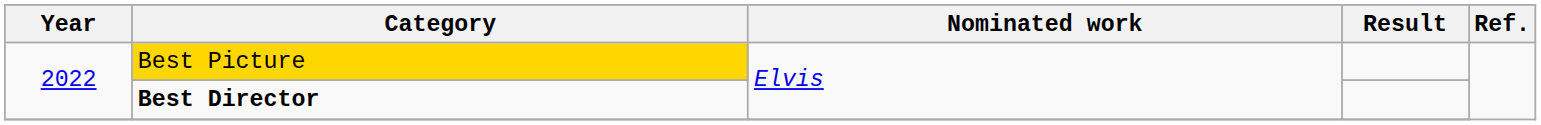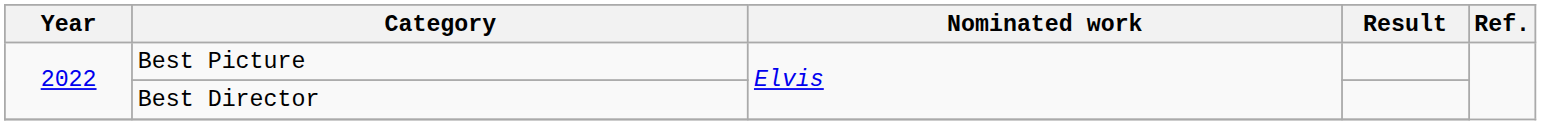 <table class=wikitable>
 <tr>
 <th scope="col" style="width:5em;">Year</th>
 <th scope="col" style="width:26em;">Category</th>
 <th scope="col" style="width:25em;">Nominated work</th>
 <th scope="col" style="width:5em;">Result</th>
 <th>Ref.</th>
 </tr>
 <tr>
 <td rowspan=2, style="text-align:center;"><a href='#'>2022</a></td>
-<td style="background: gold;">Best Picture</td>
+<td>Best Picture</td>
 <td rowspan=2><em><a href='#'>Elvis</a></em></td>
 <td></td>
 </tr>
 <tr>
-<td><strong>Best Director</strong></td>
+<td>Best Director</td>
 <td></td>
 </tr>
 <tr>
 </tr>
 </table>
